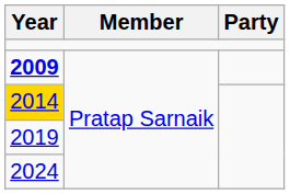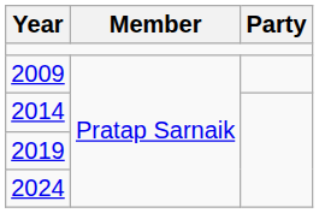 <table class="wikitable">
 <tr>
 <th>Year</th>
 <th>Member</th>
 <th colspan="2">Party</th>
 </tr>
 <tr>
 <td colspan="4"></td>
 </tr>
 <tr>
-<td><strong><a href='#'>2009</a></strong></td>
+<td><a href='#'>2009</a></td>
 <td rowspan="4"><a href='#'>Pratap Sarnaik</a></td>
 <td></td>
 </tr>
 <tr>
-<td style="background: gold;"><a href='#'>2014</a></td>
+<td><a href='#'>2014</a></td>
 </tr>
 <tr>
 <td><a href='#'>2019</a></td>
 </tr>
 <tr>
 <td><a href='#'>2024</a></td>
 </tr>
 </table>
